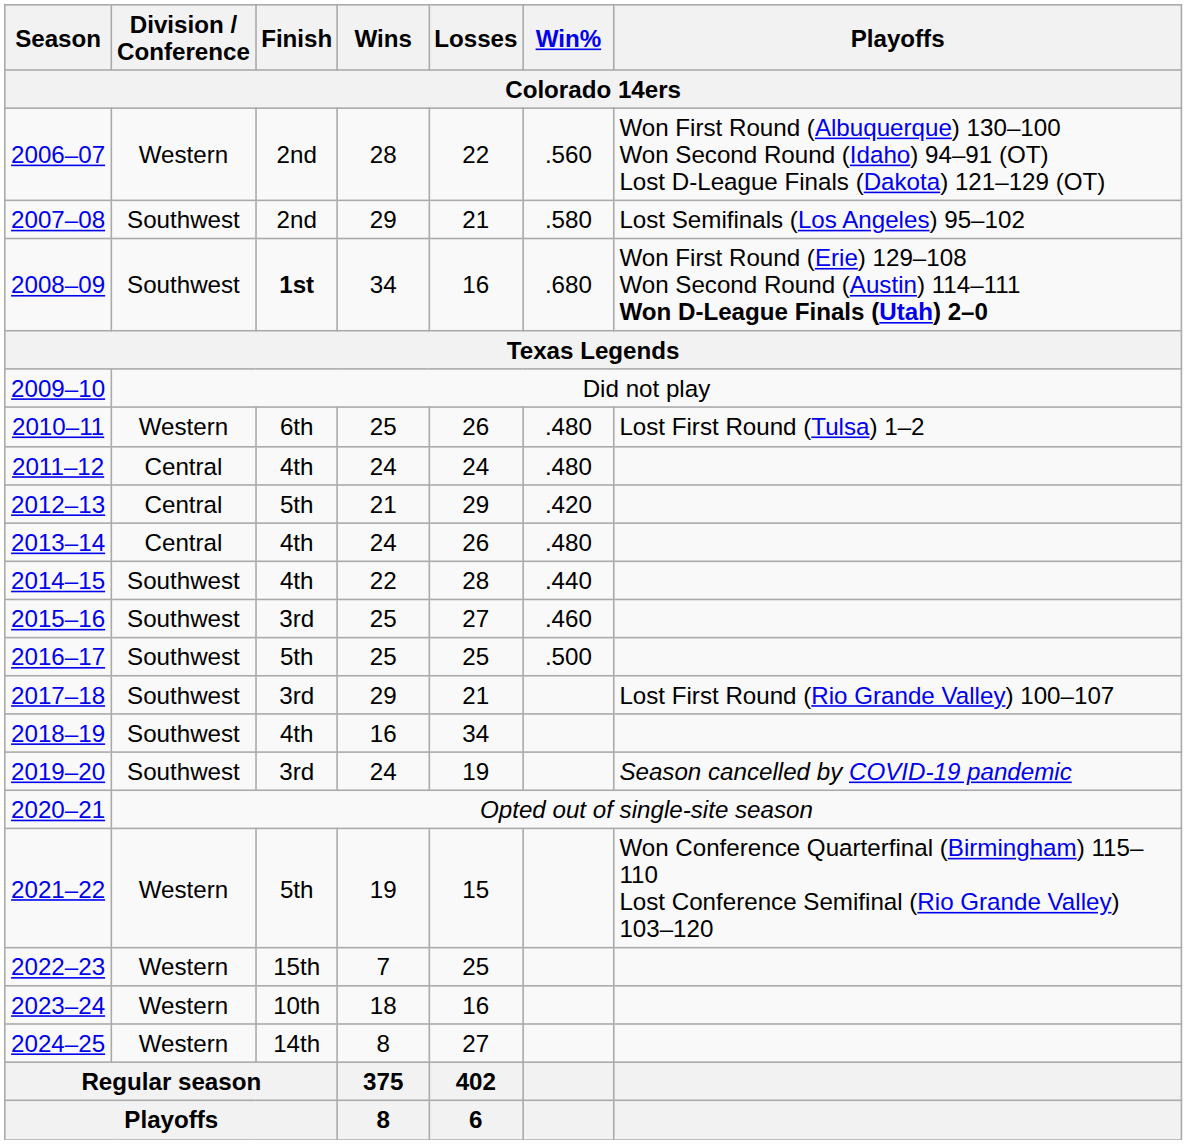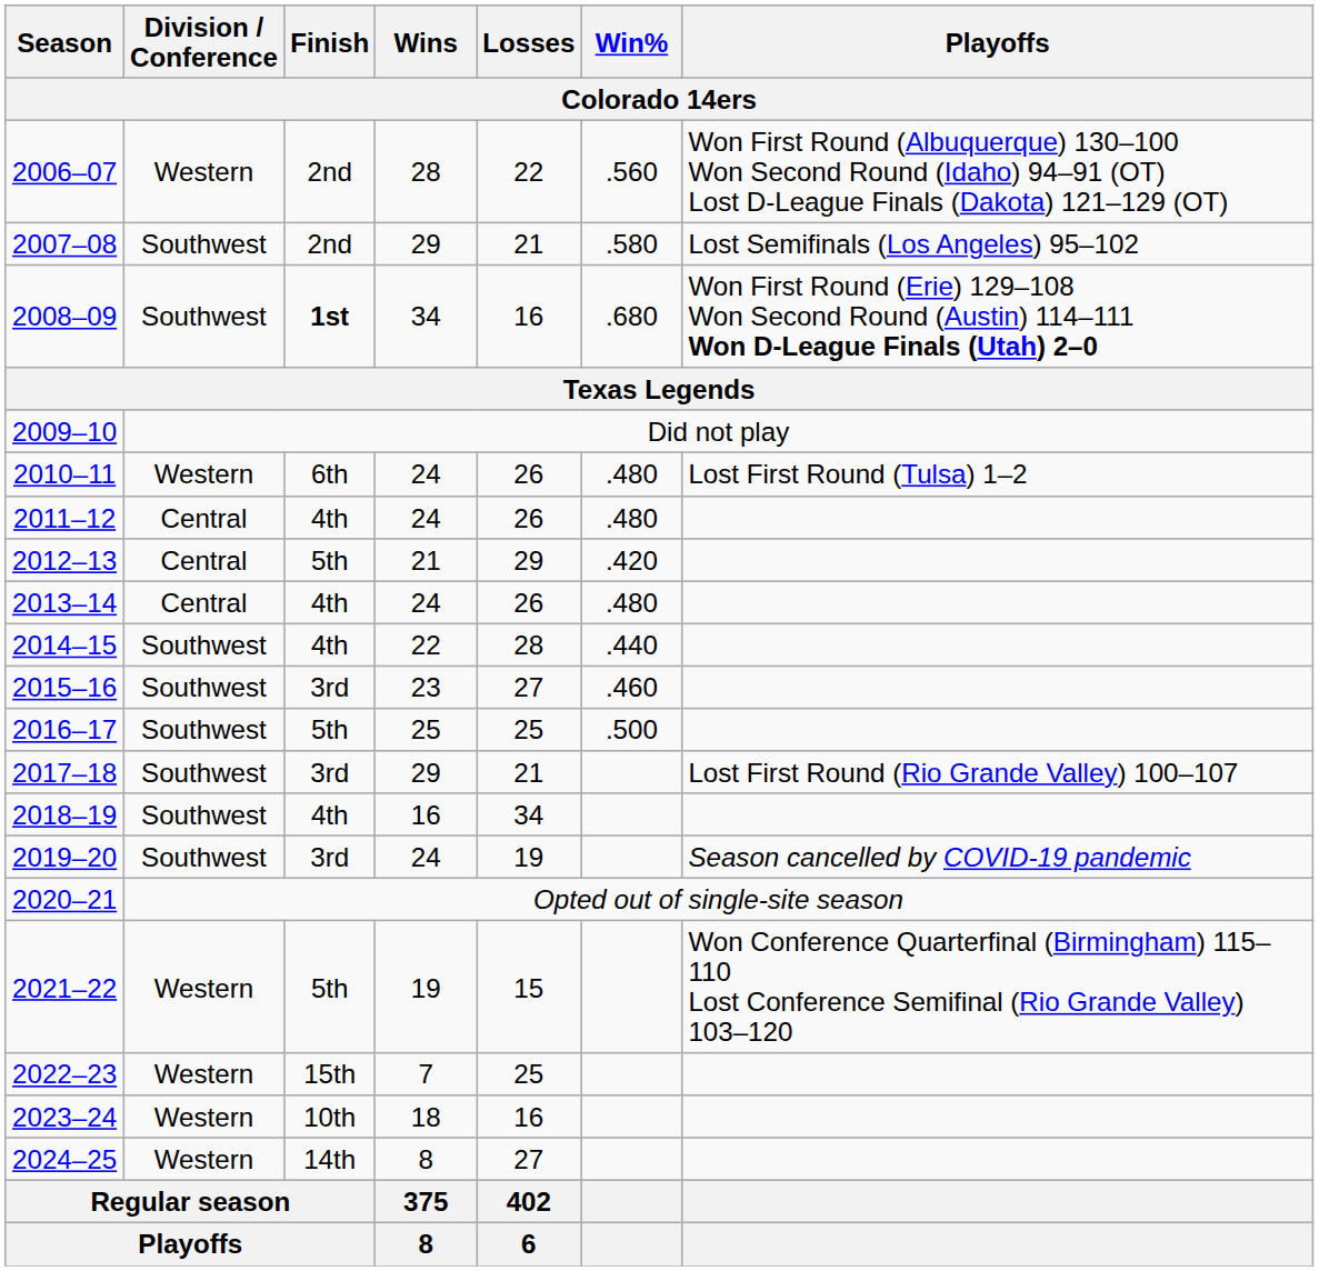 <table class="wikitable" style="font-size:95%; text-align:center">
 <tr>
 <th scope="col" style="width:60px">Season</th>
 <th scope="col" style="width:80px">Division / Conference</th>
 <th scope="col" style="width:40px">Finish</th>
 <th scope="col" style="width:50px">Wins</th>
 <th scope="col" style="width:50px">Losses</th>
 <th scope="col" style="width:50px"><a href='#'>Win%</a></th>
 <th scope="col" style="width:350px">Playoffs</th>
 </tr>
 <tr>
 <th colspan="8">Colorado 14ers</th>
 </tr>
 <tr>
 <td><a href='#'>2006–07</a></td>
 <td>Western</td>
 <td>2nd</td>
 <td>28</td>
 <td>22</td>
 <td>.560</td>
 <td align=left>Won First Round (<a href='#'>Albuquerque</a>) 130–100<br>Won Second Round (<a href='#'>Idaho</a>) 94–91 (OT)<br>Lost D-League Finals (<a href='#'>Dakota</a>) 121–129 (OT)</td>
 </tr>
 <tr>
 <td><a href='#'>2007–08</a></td>
 <td>Southwest</td>
 <td>2nd</td>
 <td>29</td>
 <td>21</td>
 <td>.580</td>
 <td align=left>Lost Semifinals (<a href='#'>Los Angeles</a>) 95–102</td>
 </tr>
 <tr>
 <td><a href='#'>2008–09</a></td>
 <td>Southwest</td>
 <td><strong>1st</strong></td>
 <td>34</td>
 <td>16</td>
 <td>.680</td>
 <td align=left>Won First Round (<a href='#'>Erie</a>) 129–108<br>Won Second Round (<a href='#'>Austin</a>) 114–111<br><strong>Won D-League Finals (<a href='#'>Utah</a>) 2–0</strong></td>
 </tr>
 <tr>
 <th colspan="8" style="text-align:center; ">Texas Legends</th>
 </tr>
 <tr>
 <td><a href='#'>2009–10</a></td>
 <td colspan="6" style="text-align:center">Did not play</td>
 </tr>
 <tr>
 <td><a href='#'>2010–11</a></td>
 <td>Western</td>
 <td>6th</td>
-<td>25</td>
+<td>24</td>
 <td>26</td>
 <td>.480</td>
 <td align=left>Lost First Round (<a href='#'>Tulsa</a>) 1–2</td>
 </tr>
 <tr>
 <td><a href='#'>2011–12</a></td>
 <td>Central</td>
 <td>4th</td>
 <td>24</td>
-<td>24</td>
+<td>26</td>
 <td>.480</td>
 <td></td>
 </tr>
 <tr>
 <td><a href='#'>2012–13</a></td>
 <td>Central</td>
 <td>5th</td>
 <td>21</td>
 <td>29</td>
 <td>.420</td>
 <td></td>
 </tr>
 <tr>
 <td><a href='#'>2013–14</a></td>
 <td>Central</td>
 <td>4th</td>
 <td>24</td>
 <td>26</td>
 <td>.480</td>
 <td></td>
 </tr>
 <tr>
 <td><a href='#'>2014–15</a></td>
 <td>Southwest</td>
 <td>4th</td>
 <td>22</td>
 <td>28</td>
 <td>.440</td>
 <td></td>
 </tr>
 <tr>
 <td><a href='#'>2015–16</a></td>
 <td>Southwest</td>
 <td>3rd</td>
-<td>25</td>
+<td>23</td>
 <td>27</td>
 <td>.460</td>
 <td></td>
 </tr>
 <tr>
 <td><a href='#'>2016–17</a></td>
 <td>Southwest</td>
 <td>5th</td>
 <td>25</td>
 <td>25</td>
 <td>.500</td>
 <td></td>
 </tr>
 <tr>
 <td><a href='#'>2017–18</a></td>
 <td>Southwest</td>
 <td>3rd</td>
 <td>29</td>
 <td>21</td>
 <td></td>
 <td align=left>Lost First Round (<a href='#'>Rio Grande Valley</a>) 100–107</td>
 </tr>
 <tr>
 <td><a href='#'>2018–19</a></td>
 <td>Southwest</td>
 <td>4th</td>
 <td>16</td>
 <td>34</td>
 <td></td>
 <td align=left></td>
 </tr>
 <tr>
 <td><a href='#'>2019–20</a></td>
 <td>Southwest</td>
 <td>3rd</td>
 <td>24</td>
 <td>19</td>
 <td></td>
 <td align=left><em>Season cancelled by <a href='#'>COVID-19 pandemic</a></em></td>
 </tr>
 <tr>
 <td><a href='#'>2020–21</a></td>
 <td colspan="7"><em>Opted out of single-site season</em></td>
 </tr>
 <tr>
 <td><a href='#'>2021–22</a></td>
 <td>Western</td>
 <td>5th</td>
 <td>19</td>
 <td>15</td>
 <td></td>
 <td align=left>Won Conference Quarterfinal (<a href='#'>Birmingham</a>) 115–110<br>Lost Conference Semifinal (<a href='#'>Rio Grande Valley</a>) 103–120</td>
 </tr>
 <tr>
 <td><a href='#'>2022–23</a></td>
 <td>Western</td>
 <td>15th</td>
 <td>7</td>
 <td>25</td>
 <td></td>
 <td align=left></td>
 </tr>
 <tr>
 <td><a href='#'>2023–24</a></td>
 <td>Western</td>
 <td>10th</td>
 <td>18</td>
 <td>16</td>
 <td></td>
 <td></td>
 </tr>
 <tr>
 <td><a href='#'>2024–25</a></td>
 <td>Western</td>
 <td>14th</td>
 <td>8</td>
 <td>27</td>
 <td></td>
 <td></td>
 </tr>
 <tr>
 <th colspan="3">Regular season</th>
 <th>375</th>
 <th>402</th>
 <th></th>
 <th></th>
 </tr>
 <tr>
 <th colspan="3">Playoffs</th>
 <th>8</th>
 <th>6</th>
 <th></th>
 <th></th>
 </tr>
 </table>
